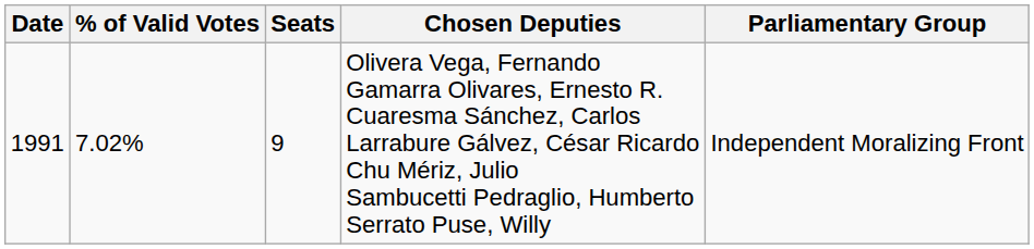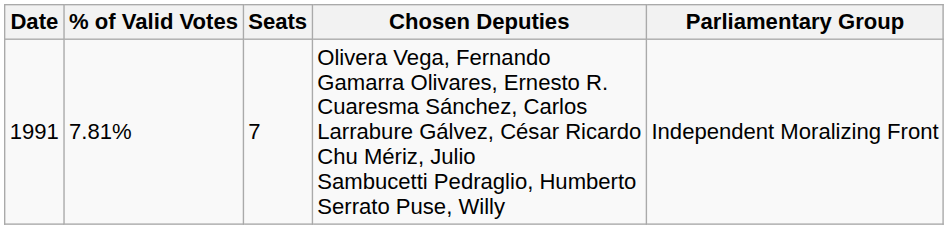 <table class="wikitable">
 <tr>
 <th>Date</th>
 <th>% of Valid Votes</th>
 <th>Seats</th>
 <th>Chosen Deputies</th>
 <th>Parliamentary Group</th>
 </tr>
 <tr>
 <td>1991</td>
-<td>7.02%</td>
-<td>9</td>
+<td>7.81%</td>
+<td>7</td>
 <td>Olivera Vega, Fernando<br>Gamarra Olivares, Ernesto R.<br>Cuaresma Sánchez, Carlos<br>Larrabure Gálvez, César Ricardo<br>Chu Mériz, Julio<br>Sambucetti Pedraglio, Humberto<br>Serrato Puse, Willy</td>
 <td>Independent Moralizing Front</td>
 </tr>
 </table>
